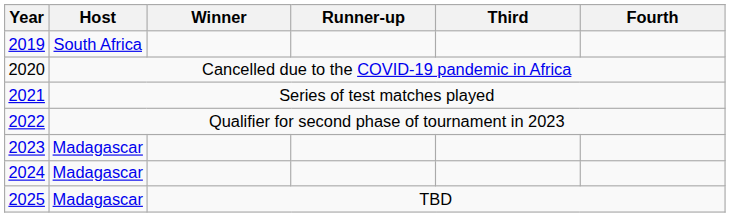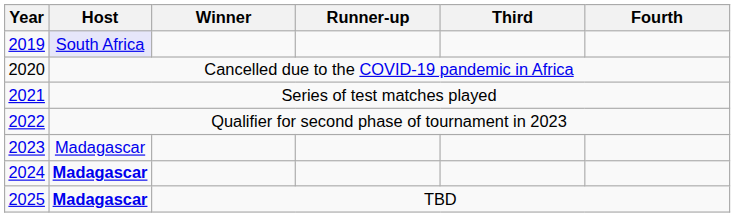 <table class="wikitable" style="font-size:90%;text-align:center">
 <tr>
 <th>Year</th>
 <th>Host</th>
 <th width="120">Winner</th>
 <th width="120">Runner-up</th>
 <th width="120">Third</th>
 <th width="120">Fourth</th>
 </tr>
 <tr>
 <td><a href='#'>2019</a></td>
-<td> <a href='#'>South Africa</a></td>
+<td style="background: lavender;"> <a href='#'>South Africa</a></td>
 <td></td>
 <td></td>
 <td></td>
 <td></td>
 </tr>
 <tr>
 <td>2020</td>
 <td colspan="5">Cancelled due to the <a href='#'>COVID-19 pandemic in Africa</a></td>
 </tr>
 <tr>
 <td><a href='#'>2021</a></td>
 <td colspan="5">Series of test matches played</td>
 </tr>
 <tr>
 <td><a href='#'>2022</a></td>
 <td colspan="5">Qualifier for second phase of tournament in 2023</td>
 </tr>
 <tr>
 <td><a href='#'>2023</a></td>
 <td> <a href='#'>Madagascar</a></td>
 <td></td>
 <td></td>
 <td></td>
 <td></td>
 </tr>
 <tr>
 <td><a href='#'>2024</a></td>
-<td> <a href='#'>Madagascar</a></td>
+<td><strong> <a href='#'>Madagascar</a></strong></td>
 <td></td>
 <td></td>
 <td></td>
 <td></td>
 </tr>
 <tr>
 <td><a href='#'>2025</a></td>
-<td> <a href='#'>Madagascar</a></td>
+<td><strong> <a href='#'>Madagascar</a></strong></td>
 <td colspan="4">TBD</td>
 </tr>
 </table>
